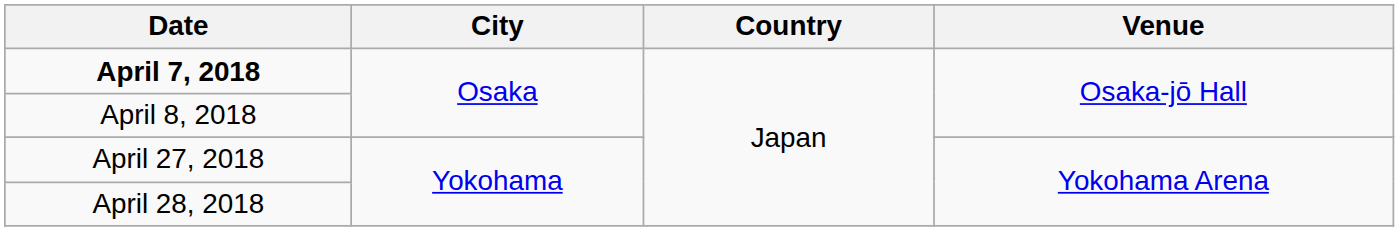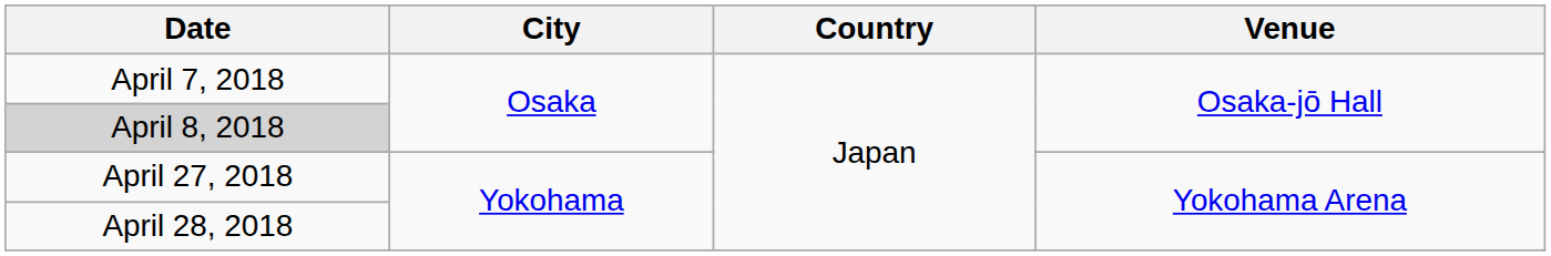 <table class="wikitable plainrowheaders" style="text-align:center;">
 <tr>
 <th scope="col" style="width:12em;">Date</th>
 <th scope="col" style="width:10em;">City</th>
 <th scope="col" style="width:10em;">Country</th>
 <th scope="col" style="width:16em;">Venue</th>
 </tr>
 <tr>
-<td><strong>April 7, 2018</strong></td>
+<td>April 7, 2018</td>
 <td rowspan="2"><a href='#'>Osaka</a></td>
 <td rowspan="4">Japan</td>
 <td rowspan="2"><a href='#'>Osaka-jō Hall</a></td>
 </tr>
 <tr>
-<td>April 8, 2018</td>
+<td style="background: lightgrey;">April 8, 2018</td>
 </tr>
 <tr>
 <td>April 27, 2018</td>
 <td rowspan="2"><a href='#'>Yokohama</a></td>
 <td rowspan="2"><a href='#'>Yokohama Arena</a></td>
 </tr>
 <tr>
 <td>April 28, 2018</td>
 </tr>
 </table>
